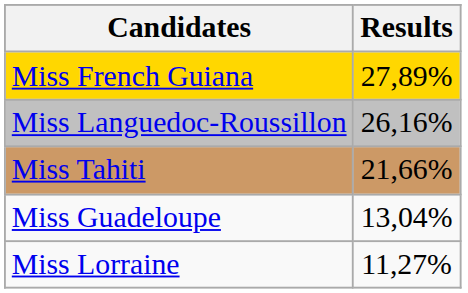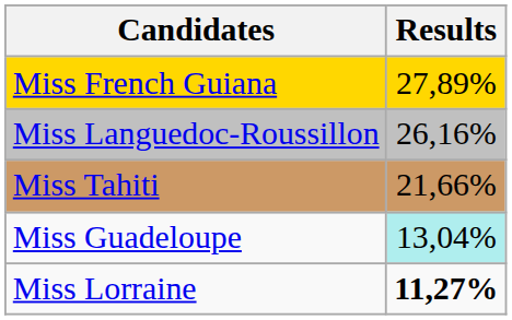 <table class="wikitable" style="text-align:center;">
 <tr>
 <th scope=col>Candidates</th>
 <th scope=col>Results</th>
 </tr>
 <tr bgcolor=gold>
 <td align="left"> <a href='#'>Miss French Guiana</a></td>
 <td>27,89%</td>
 </tr>
 <tr bgcolor=silver>
 <td align="left"> <a href='#'>Miss Languedoc-Roussillon</a></td>
 <td>26,16%</td>
 </tr>
 <tr bgcolor=#cc9966>
 <td align="left"> <a href='#'>Miss Tahiti</a></td>
 <td>21,66%</td>
 </tr>
 <tr>
 <td align="left"> <a href='#'>Miss Guadeloupe</a></td>
-<td>13,04%</td>
+<td style="background: paleturquoise;">13,04%</td>
 </tr>
 <tr>
 <td align="left"> <a href='#'>Miss Lorraine</a></td>
-<td>11,27%</td>
+<td><strong>11,27%</strong></td>
 </tr>
 </table>
